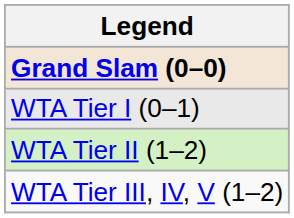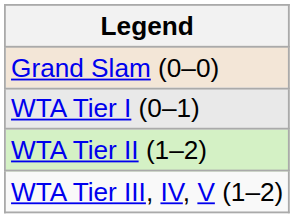 <table class="wikitable sortable" style=font-size:90%>
 <tr style="background:#eee;">
 <th>Legend</th>
 </tr>
 <tr style="background:#f3e6d7;">
-<td><strong><a href='#'>Grand Slam</a> (0–0)</strong></td>
+<td><a href='#'>Grand Slam</a> (0–0)</td>
 </tr>
 <tr style="background:#e9e9e9;">
 <td><a href='#'>WTA Tier I</a> (0–1)</td>
 </tr>
 <tr style="background:#d4f1c5;">
 <td><a href='#'>WTA Tier II</a> (1–2)</td>
 </tr>
 <tr>
 <td><a href='#'>WTA Tier III</a>, <a href='#'>IV</a>, <a href='#'>V</a> (1–2)</td>
 </tr>
 </table>
